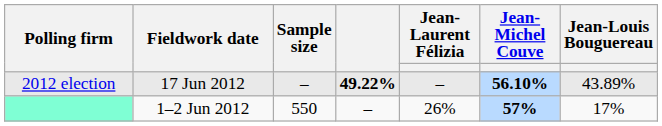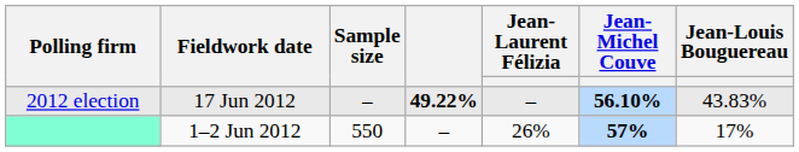 <table class="wikitable sortable" style="text-align:center;font-size:90%;line-height:14px;">
 <tr style="height:40px;">
 <th style="width:100px;" rowspan="2">Polling firm</th>
 <th style="width:110px;" rowspan="2">Fieldwork date</th>
 <th style="width:35px;" rowspan="2">Sample<br>size</th>
 <th style="width:30px;" rowspan="2"></th>
 <th class="unsortable" style="width:60px;">Jean-Laurent Félizia<br></th>
 <th class="unsortable" style="width:60px;"><a href='#'>Jean-Michel Couve</a><br></th>
 <th class="unsortable" style="width:60px;">Jean-Louis Bouguereau<br></th>
 </tr>
 <tr>
 <th style="background:"></th>
 <th style="background:"></th>
 <th style="background:"></th>
 </tr>
 <tr style="background:#E9E9E9;">
 <td><a href='#'>2012 election</a></td>
 <td data-sort-value="2012-06-17">17 Jun 2012</td>
 <td>–</td>
 <td><strong>49.22%</strong></td>
 <td>–</td>
 <td style="background:#B9DAFF;"><strong>56.10%</strong></td>
-<td>43.89%</td>
+<td>43.83%</td>
 </tr>
 <tr>
 <td style="background:aquamarine;"></td>
 <td data-sort-value="2012-06-02">1–2 Jun 2012</td>
 <td>550</td>
 <td>–</td>
 <td>26%</td>
 <td style="background:#B9DAFF;"><strong>57%</strong></td>
 <td>17%</td>
 </tr>
 </table>
